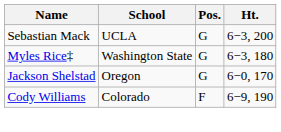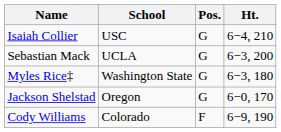 <table class="wikitable">
 <tr>
 <th>Name</th>
 <th>School</th>
 <th>Pos.</th>
 <th>Ht.</th>
+</tr>
+<tr>
+<td><a href='#'>Isaiah Collier</a></td>
+<td !>USC</td>
+<td>G</td>
+<td>6−4, 210</td>
 </tr>
 <tr>
 <td>Sebastian Mack</td>
 <td ! style=>UCLA</td>
 <td>G</td>
 <td>6−3, 200</td>
 </tr>
 <tr>
 <td><a href='#'>Myles Rice</a>‡</td>
 <td ! style=>Washington State</td>
 <td>G</td>
 <td>6−3, 180</td>
 </tr>
 <tr>
 <td><a href='#'>Jackson Shelstad</a></td>
 <td ! style=>Oregon</td>
 <td>G</td>
 <td>6−0, 170</td>
 </tr>
 <tr>
 <td><a href='#'>Cody Williams</a></td>
 <td ! style=>Colorado</td>
 <td>F</td>
 <td>6−9, 190</td>
 </tr>
 </table>
